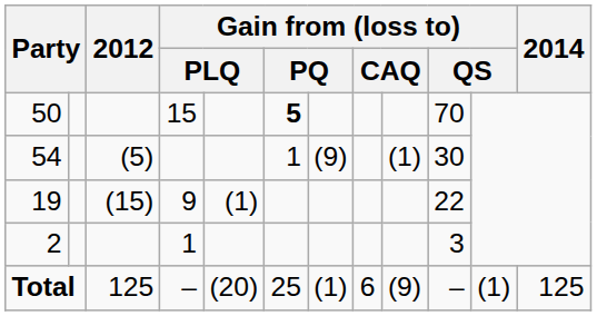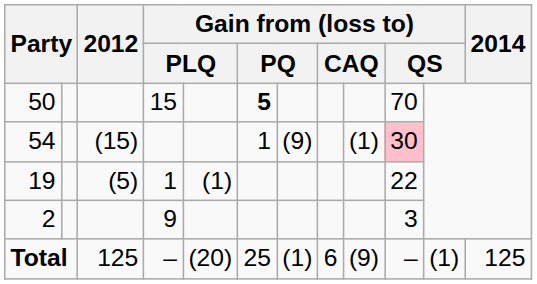 <table class="wikitable" style="text-align:right">
 <tr>
 <th rowspan="2" colspan="2">Party</th>
 <th rowspan="2">2012</th>
 <th colspan="8">Gain from (loss to)</th>
 <th rowspan="2">2014</th>
 </tr>
 <tr>
 <th colspan="2">PLQ</th>
 <th colspan="2">PQ</th>
 <th colspan="2">CAQ</th>
 <th colspan="2">QS</th>
 </tr>
 <tr>
 <td>50</td>
 <td></td>
 <td></td>
 <td>15</td>
 <td></td>
 <td><strong>5</strong></td>
 <td></td>
 <td></td>
 <td></td>
 <td>70</td>
 </tr>
 <tr>
 <td>54</td>
 <td></td>
-<td>(5)</td>
+<td>(15)</td>
 <td></td>
 <td></td>
 <td>1</td>
 <td>(9)</td>
 <td></td>
 <td>(1)</td>
-<td>30</td>
+<td style="background: pink;">30</td>
 </tr>
 <tr>
 <td>19</td>
 <td></td>
-<td>(15)</td>
-<td>9</td>
+<td>(5)</td>
+<td>1</td>
 <td>(1)</td>
 <td></td>
 <td></td>
 <td></td>
 <td></td>
 <td>22</td>
 </tr>
 <tr>
 <td>2</td>
 <td></td>
 <td></td>
-<td>1</td>
+<td>9</td>
 <td></td>
 <td></td>
 <td></td>
 <td></td>
 <td></td>
 <td>3</td>
 </tr>
 <tr>
 <td colspan="2" style="text-align:left;"><strong>Total</strong></td>
 <td>125</td>
 <td>–</td>
 <td>(20)</td>
 <td>25</td>
 <td>(1)</td>
 <td>6</td>
 <td>(9)</td>
 <td>–</td>
 <td>(1)</td>
 <td>125</td>
 </tr>
 </table>
